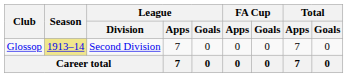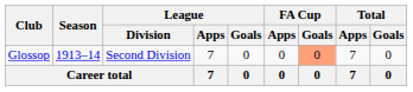 <table class="wikitable" style="text-align:center;">
 <tr>
 <th rowspan="2">Club</th>
 <th rowspan="2">Season</th>
 <th colspan="3">League</th>
 <th colspan="2">FA Cup</th>
 <th colspan="2">Total</th>
 </tr>
 <tr>
 <th>Division</th>
 <th>Apps</th>
 <th>Goals</th>
 <th>Apps</th>
 <th>Goals</th>
 <th>Apps</th>
 <th>Goals</th>
 </tr>
 <tr>
 <td><a href='#'>Glossop</a></td>
-<td style="background: khaki;"><a href='#'>1913–14</a></td>
+<td><a href='#'>1913–14</a></td>
 <td><a href='#'>Second Division</a></td>
 <td>7</td>
 <td>0</td>
 <td>0</td>
-<td>0</td>
+<td style="background: lightsalmon;">0</td>
 <td>7</td>
 <td>0</td>
 </tr>
 <tr>
 <th colspan="3">Career total</th>
 <th>7</th>
 <th>0</th>
 <th>0</th>
 <th>0</th>
 <th>7</th>
 <th>0</th>
 </tr>
 </table>
